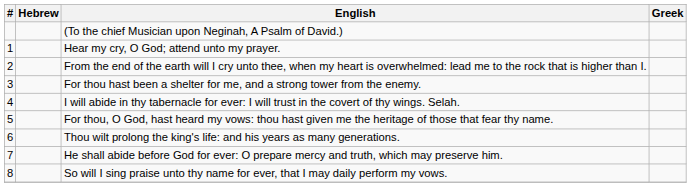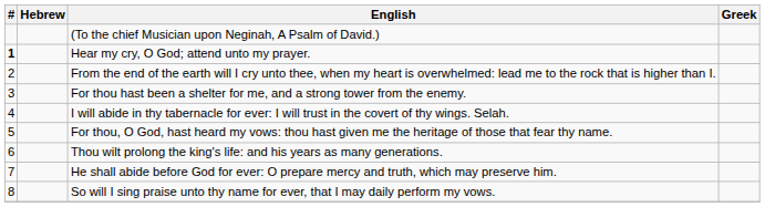 <table class=wikitable>
 <tr>
 <th>#</th>
 <th>Hebrew</th>
 <th>English</th>
 <th>Greek</th>
 </tr>
 <tr>
 <td style="text-align:right"></td>
 <td style="text-align:right"></td>
 <td>(To the chief Musician upon Neginah, A Psalm of David.)</td>
 <td></td>
 </tr>
 <tr>
-<td style="text-align:right">1</td>
+<td style="text-align:right"><strong>1</strong></td>
 <td style="text-align:right"></td>
 <td>Hear my cry, O God; attend unto my prayer.</td>
 <td></td>
 </tr>
 <tr>
 <td style="text-align:right">2</td>
 <td style="text-align:right"></td>
 <td>From the end of the earth will I cry unto thee, when my heart is overwhelmed: lead me to the rock that is higher than I.</td>
 <td></td>
 </tr>
 <tr>
 <td style="text-align:right">3</td>
 <td style="text-align:right"></td>
 <td>For thou hast been a shelter for me, and a strong tower from the enemy.</td>
 <td></td>
 </tr>
 <tr>
 <td style="text-align:right">4</td>
 <td style="text-align:right"></td>
 <td>I will abide in thy tabernacle for ever: I will trust in the covert of thy wings. Selah.</td>
 <td></td>
 </tr>
 <tr>
 <td style="text-align:right">5</td>
 <td style="text-align:right"></td>
 <td>For thou, O God, hast heard my vows: thou hast given me the heritage of those that fear thy name.</td>
 <td></td>
 </tr>
 <tr>
 <td style="text-align:right">6</td>
 <td style="text-align:right"></td>
 <td>Thou wilt prolong the king's life: and his years as many generations.</td>
 <td></td>
 </tr>
 <tr>
 <td style="text-align:right">7</td>
 <td style="text-align:right"></td>
 <td>He shall abide before God for ever: O prepare mercy and truth, which may preserve him.</td>
 <td></td>
 </tr>
 <tr>
 <td style="text-align:right">8</td>
 <td style="text-align:right"></td>
 <td>So will I sing praise unto thy name for ever, that I may daily perform my vows.</td>
 <td></td>
 </tr>
 <tr>
 </tr>
 </table>
